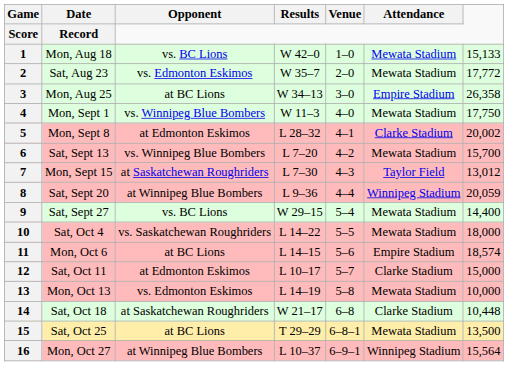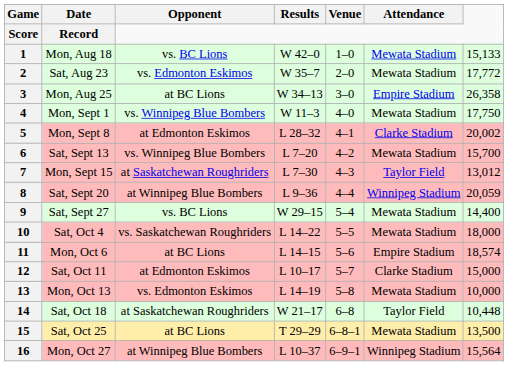 <table class="wikitable" style="text-align:center">
 <tr>
 <th>Game</th>
 <th>Date</th>
 <th>Opponent</th>
 <th>Results</th>
 <th>Venue</th>
 <th>Attendance</th>
 </tr>
 <tr>
 <th>Score</th>
 <th>Record</th>
 </tr>
 <tr style="background:#ddffdd">
 <th>1</th>
 <td>Mon, Aug 18</td>
 <td>vs. <a href='#'>BC Lions</a></td>
 <td>W 42–0</td>
 <td>1–0</td>
 <td><a href='#'>Mewata Stadium</a></td>
 <td>15,133</td>
 </tr>
 <tr style="background:#ddffdd">
 <th>2</th>
 <td>Sat, Aug 23</td>
 <td>vs. <a href='#'>Edmonton Eskimos</a></td>
 <td>W 35–7</td>
 <td>2–0</td>
 <td>Mewata Stadium</td>
 <td>17,772</td>
 </tr>
 <tr style="background:#ddffdd">
 <th>3</th>
 <td>Mon, Aug 25</td>
 <td>at BC Lions</td>
 <td>W 34–13</td>
 <td>3–0</td>
 <td><a href='#'>Empire Stadium</a></td>
 <td>26,358</td>
 </tr>
 <tr style="background:#ddffdd">
 <th>4</th>
 <td>Mon, Sept 1</td>
 <td>vs. <a href='#'>Winnipeg Blue Bombers</a></td>
 <td>W 11–3</td>
 <td>4–0</td>
 <td>Mewata Stadium</td>
 <td>17,750</td>
 </tr>
 <tr style="background:#ffbbbb">
 <th>5</th>
 <td>Mon, Sept 8</td>
 <td>at Edmonton Eskimos</td>
 <td>L 28–32</td>
 <td>4–1</td>
 <td><a href='#'>Clarke Stadium</a></td>
 <td>20,002</td>
 </tr>
 <tr style="background:#ffbbbb">
 <th>6</th>
 <td>Sat, Sept 13</td>
 <td>vs. Winnipeg Blue Bombers</td>
 <td>L 7–20</td>
 <td>4–2</td>
 <td>Mewata Stadium</td>
 <td>15,700</td>
 </tr>
 <tr style="background:#ffbbbb">
 <th>7</th>
 <td>Mon, Sept 15</td>
 <td>at <a href='#'>Saskatchewan Roughriders</a></td>
 <td>L 7–30</td>
 <td>4–3</td>
 <td><a href='#'>Taylor Field</a></td>
 <td>13,012</td>
 </tr>
 <tr style="background:#ffbbbb">
 <th>8</th>
 <td>Sat, Sept 20</td>
 <td>at Winnipeg Blue Bombers</td>
 <td>L 9–36</td>
 <td>4–4</td>
 <td><a href='#'>Winnipeg Stadium</a></td>
 <td>20,059</td>
 </tr>
 <tr style="background:#ddffdd">
 <th>9</th>
 <td>Sat, Sept 27</td>
 <td>vs. BC Lions</td>
 <td>W 29–15</td>
 <td>5–4</td>
 <td>Mewata Stadium</td>
 <td>14,400</td>
 </tr>
 <tr style="background:#ffbbbb">
 <th>10</th>
 <td>Sat, Oct 4</td>
 <td>vs. Saskatchewan Roughriders</td>
 <td>L 14–22</td>
 <td>5–5</td>
 <td>Mewata Stadium</td>
 <td>18,000</td>
 </tr>
 <tr style="background:#ffbbbb">
 <th>11</th>
 <td>Mon, Oct 6</td>
 <td>at BC Lions</td>
 <td>L 14–15</td>
 <td>5–6</td>
 <td>Empire Stadium</td>
 <td>18,574</td>
 </tr>
 <tr style="background:#ffbbbb">
 <th>12</th>
 <td>Sat, Oct 11</td>
 <td>at Edmonton Eskimos</td>
 <td>L 10–17</td>
 <td>5–7</td>
 <td>Clarke Stadium</td>
 <td>15,000</td>
 </tr>
 <tr style="background:#ffbbbb">
 <th>13</th>
 <td>Mon, Oct 13</td>
 <td>vs. Edmonton Eskimos</td>
 <td>L 14–19</td>
 <td>5–8</td>
 <td>Mewata Stadium</td>
 <td>10,000</td>
 </tr>
 <tr style="background:#ddffdd">
 <th>14</th>
 <td>Sat, Oct 18</td>
 <td>at Saskatchewan Roughriders</td>
 <td>W 21–17</td>
 <td>6–8</td>
-<td>Clarke Stadium</td>
+<td>Taylor Field</td>
 <td>10,448</td>
 </tr>
 <tr style="background:#ffeeaa">
 <th>15</th>
 <td>Sat, Oct 25</td>
 <td>at BC Lions</td>
 <td>T 29–29</td>
 <td>6–8–1</td>
 <td>Mewata Stadium</td>
 <td>13,500</td>
 </tr>
 <tr style="background:#ffbbbb">
 <th>16</th>
 <td>Mon, Oct 27</td>
 <td>at Winnipeg Blue Bombers</td>
 <td>L 10–37</td>
 <td>6–9–1</td>
 <td>Winnipeg Stadium</td>
 <td>15,564</td>
 </tr>
 </table>
